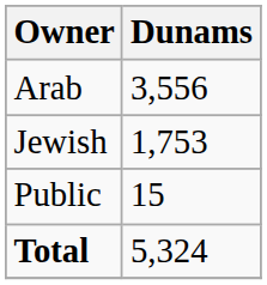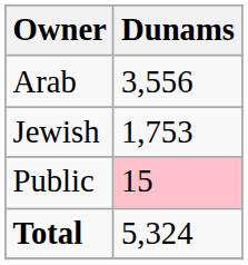 <table class="wikitable">
 <tr>
 <th>Owner</th>
 <th>Dunams</th>
 </tr>
 <tr>
 <td>Arab</td>
 <td>3,556</td>
 </tr>
 <tr>
 <td>Jewish</td>
 <td>1,753</td>
 </tr>
 <tr>
 <td>Public</td>
-<td>15</td>
+<td style="background: pink;">15</td>
 </tr>
 <tr>
 <td><strong>Total</strong></td>
 <td>5,324</td>
 </tr>
 <tr>
 </tr>
 </table>
